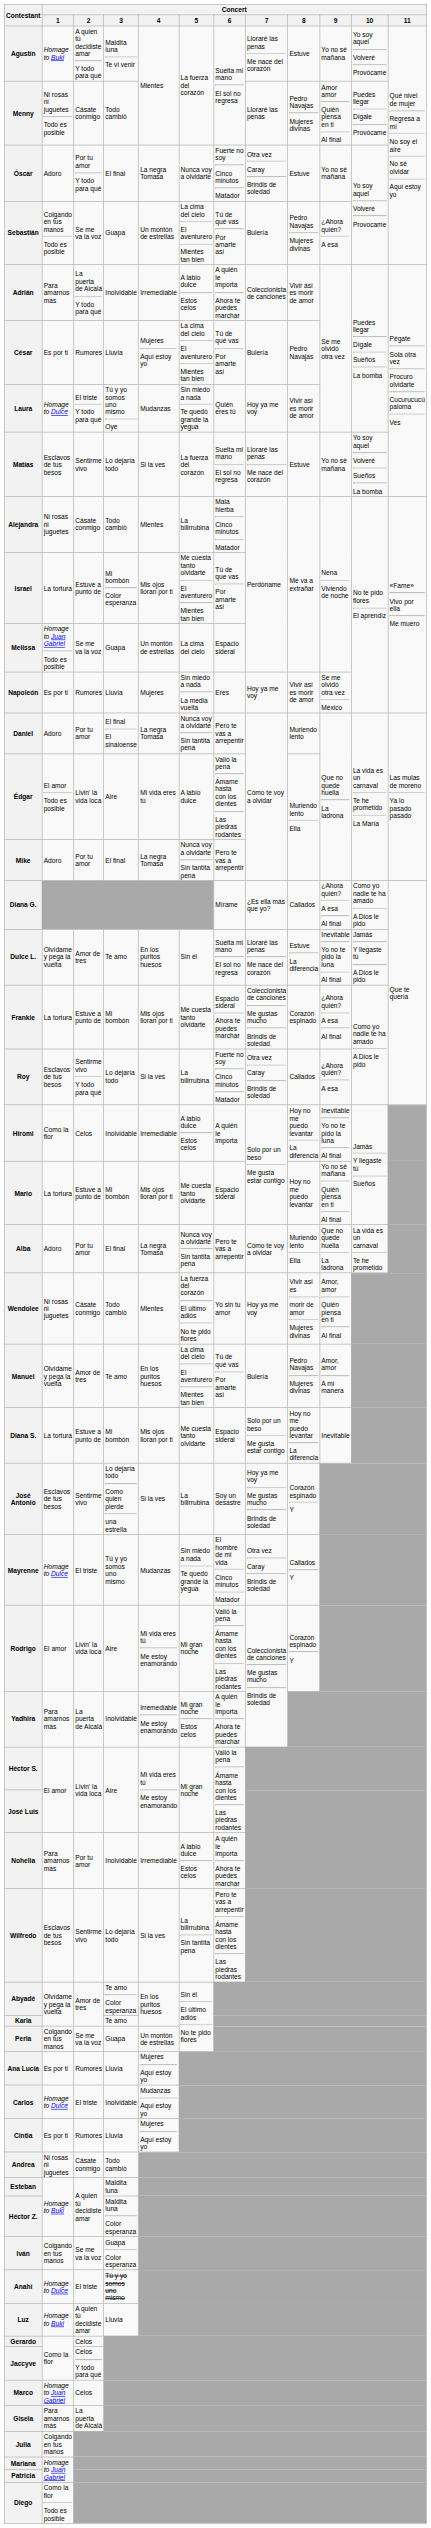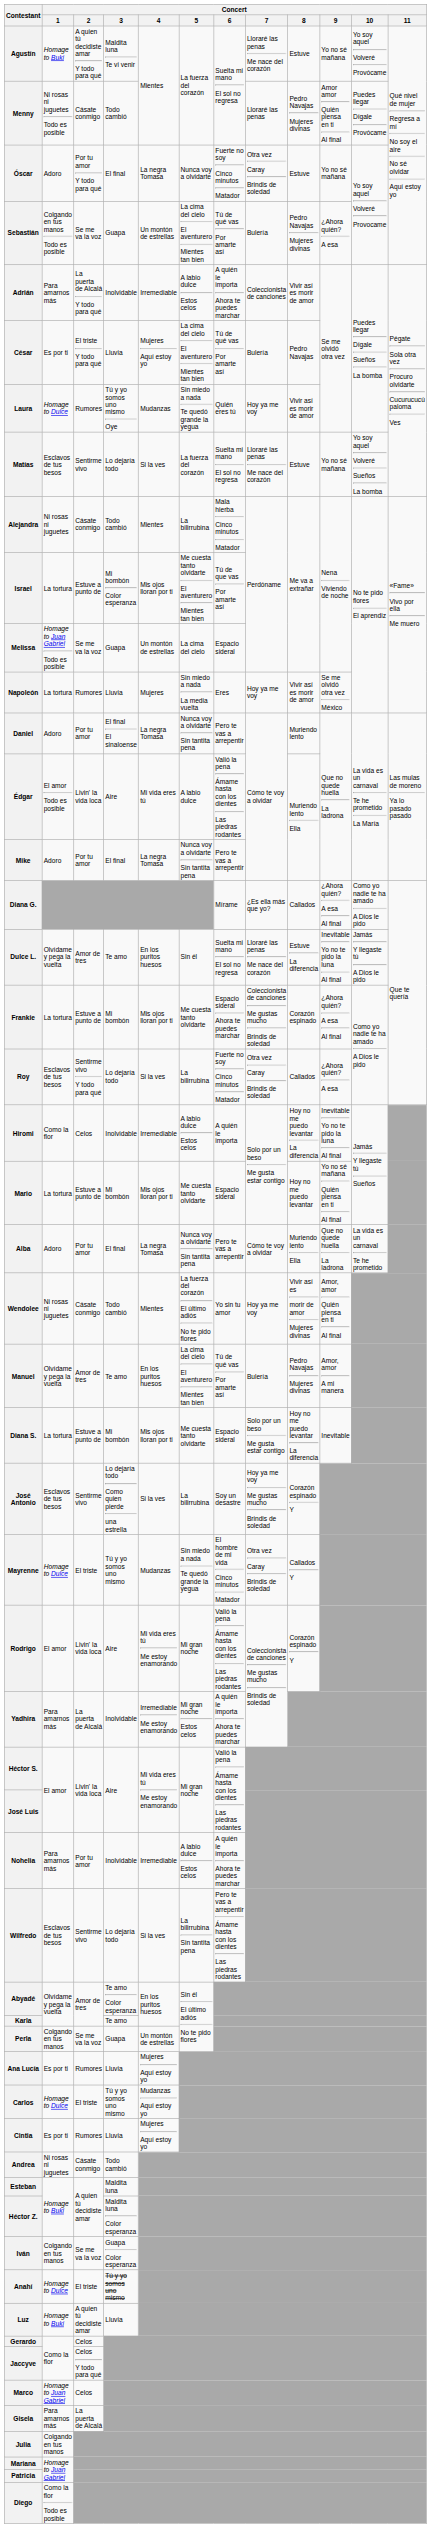 <table class="wikitable sortable" style="font-size:8pt; line-height:normal;">
 <tr>
 <th scope="col" rowspan="2">Contestant</th>
 <th scope="col" colspan="100%">Concert</th>
 </tr>
 <tr>
 <th class="unsortable" scope="col">1</th>
 <th class="unsortable" scope="col">2</th>
 <th class="unsortable" scope="col">3</th>
 <th class="unsortable" scope="col">4</th>
 <th class="unsortable" scope="col">5</th>
 <th class="unsortable" scope="col">6</th>
 <th class="unsortable" scope="col">7</th>
 <th class="unsortable" scope="col">8</th>
 <th class="unsortable" scope="col">9</th>
 <th class="unsortable" scope="col">10</th>
 <th class="unsortable" scope="col">11</th>
 </tr>
 <tr>
 <th scope="row">Agustín</th>
 <td style="font-style:italic;">Homage to <a href='#'>Buki</a></td>
 <td>A quien tú decidiste amar<hr>Y todo para qué</td>
 <td>Maldita luna<hr>Te vi venir</td>
 <td rowspan="2">Mientes</td>
 <td rowspan="2">La fuerza del corazón</td>
 <td rowspan="2">Suelta mi mano<hr>El sol no regresa</td>
 <td>Lloraré las penas<hr>Me nace del corazón</td>
 <td>Estuve</td>
 <td>Yo no sé mañana</td>
 <td>Yo soy aquel<hr>Volveré<hr>Provócame</td>
 <td rowspan="4">Qué nivel de mujer<hr>Regresa a mí<hr>No soy el aire<hr>No sé olvidar<hr>Aquí estoy yo</td>
 </tr>
 <tr>
 <th scope="row">Menny</th>
 <td>Ni rosas ni juguetes<hr>Todo es posible</td>
 <td>Cásate conmigo</td>
 <td>Todo cambió<br>    </td>
 <td>Lloraré las penas</td>
 <td>Pedro Navajas<hr>Mujeres divinas</td>
 <td>Amor amor<hr>Quién piensa en ti<hr>Al final</td>
 <td>Puedes llegar<hr>Dígale<hr>Provócame<br></td>
 </tr>
 <tr>
 <th scope="row">Óscar</th>
 <td>Adoro</td>
 <td>Por tu amor<hr>Y todo para qué</td>
 <td>El final</td>
 <td>La negra Tomasa</td>
 <td>Nunca voy a olvidarte</td>
 <td>Fuerte no soy<hr>Cinco minutos<hr>Matador</td>
 <td>Otra vez<hr>Caray<hr>Brindis de soledad</td>
 <td>Estuve</td>
 <td>Yo no sé mañana</td>
 <td rowspan="2">Yo soy aquel<hr>Volveré<hr>Provocame<br></td>
 </tr>
 <tr>
 <th scope="row">Sebastián</th>
 <td>Colgando en tus manos<hr>Todo es posible</td>
 <td>Se me va la voz</td>
 <td>Guapa</td>
 <td>Un montón de estrellas</td>
 <td>La cima del cielo<hr>El aventurero<hr>Mientes tan bien</td>
 <td>Tú de qué vas<hr>Por amarte así</td>
 <td>Bulería</td>
 <td>Pedro Navajas<hr>Mujeres divinas</td>
 <td>¿Ahora quién?<hr>A esa<br> </td>
 </tr>
 <tr>
 <th scope="row">Adrián</th>
 <td>Para amarnos más</td>
 <td>La puerta de Alcalá<hr>Y todo para qué</td>
 <td>Inolvidable</td>
 <td>Irremediable</td>
 <td>A labio dulce<hr>Estos celos</td>
 <td>A quién le importa<hr>Ahora te puedes marchar</td>
 <td>Coleccionista de canciones</td>
 <td>Vivir así es morir de amor</td>
 <td rowspan="3">Se me olvidó otra vez</td>
 <td rowspan="3">Puedes llegar<hr>Dígale<hr>Sueños<hr>La bomba</td>
 <td rowspan="4">Pégate<hr>Sola otra vez<hr>Procuro olvidarte<hr>Cucurucucú paloma<hr>Ves</td>
 </tr>
 <tr>
 <th scope="row">César</th>
 <td>Es por ti</td>
-<td>Rumores</td>
+<td>El triste<hr>Y todo para qué</td>
 <td>Lluvia</td>
 <td>Mujeres<hr>Aquí estoy yo</td>
 <td>La cima del cielo<hr>El aventurero<hr>Mientes tan bien</td>
 <td>Tú de qué vas<hr>Por amarte así</td>
 <td>Bulería</td>
 <td>Pedro Navajas<br>   </td>
 </tr>
 <tr>
 <th scope="row">Laura</th>
 <td style="font-style:italic;">Homage to <a href='#'>Dulce</a></td>
-<td>El triste<hr>Y todo para qué</td>
+<td>Rumores</td>
 <td>Tú y yo somos uno mismo<hr>Oye</td>
 <td>Mudanzas</td>
 <td>Sin miedo a nada<hr>Te quedó grande la yegua</td>
 <td>Quién eres tú</td>
 <td>Hoy ya me voy</td>
 <td>Vivir así es morir de amor<br>   </td>
 </tr>
 <tr>
 <th scope="row">Matías</th>
 <td>Esclavos de tus besos</td>
 <td>Sentirme vivo</td>
 <td>Lo dejaría todo</td>
 <td>Si la ves</td>
 <td>La fuerza del corazón</td>
 <td>Suelta mi mano<hr>El sol no regresa</td>
 <td>Lloraré las penas<hr>Me nace del corazón</td>
 <td>Estuve</td>
 <td>Yo no sé mañana</td>
 <td>Yo soy aquel<hr>Volveré<hr>Sueños<hr>La bomba<br></td>
 </tr>
 <tr>
 <th scope="row">Alejandra</th>
 <td>Ni rosas ni juguetes</td>
 <td>Cásate conmigo</td>
 <td>Todo cambió</td>
 <td>Mientes</td>
 <td>La bilirrubina</td>
 <td>Mala hierba<hr>Cinco minutos<hr>Matador</td>
 <td rowspan="3">Perdóname</td>
 <td rowspan="3">Me va a extrañar</td>
 <td rowspan="3">Nena<hr>Viviendo de noche</td>
 <td rowspan="4">No te pido flores<hr>El aprendiz</td>
 <td rowspan="4">«Fame»<hr>Vivo por ella<hr>Me muero</td>
 </tr>
 <tr>
 <th scope="row">Israel</th>
 <td>La tortura</td>
 <td>Estuve a punto de</td>
 <td>Mi bombón<hr>Color esperanza</td>
 <td>Mis ojos lloran por ti</td>
 <td>Me cuesta tanto olvidarte<hr>El aventurero<hr>Mientes tan bien</td>
 <td>Tú de que vas<hr>Por amarte así<br>        </td>
 </tr>
 <tr>
 <th scope="row">Melissa</th>
 <td><em>Homage to <a href='#'>Juan Gabriel</a></em><hr>Todo es posible</td>
 <td>Se me va la voz</td>
 <td>Guapa</td>
 <td>Un montón de estrellas</td>
 <td>La cima del cielo</td>
 <td>Espacio sideral<br>        </td>
 </tr>
 <tr>
 <th scope="row">Napoleón</th>
-<td>Es por ti</td>
+<td>La tortura</td>
 <td>Rumores</td>
 <td>Lluvia</td>
 <td>Mujeres</td>
 <td>Sin miedo a nada<hr>La media vuelta</td>
 <td>Eres</td>
 <td>Hoy ya me voy</td>
 <td>Vivir así es morir de amor</td>
 <td>Se me olvidó otra vez<hr>México<br>  </td>
 </tr>
 <tr>
 <th scope="row">Daniel</th>
 <td>Adoro</td>
 <td>Por tu amor</td>
 <td>El final<hr>El sinaloense</td>
 <td>La negra Tomasa</td>
 <td>Nunca voy a olvidarte<hr>Sin tantita pena</td>
 <td>Pero te vas a arrepentir</td>
 <td rowspan="3">Cómo te voy a olvidar</td>
 <td>Muriendo lento</td>
 <td rowspan="3">Que no quede huella<hr>La ladrona</td>
 <td rowspan="3">La vida es un carnaval<hr>Te he prometido<hr>La María</td>
 <td rowspan="3">Las mulas de moreno<hr>Ya lo pasado pasado</td>
 </tr>
 <tr>
 <th scope="row">Édgar</th>
 <td>El amor<hr>Todo es posible</td>
 <td>Livin' la vida loca</td>
 <td>Aire</td>
 <td>Mi vida eres tú</td>
 <td>A labio dulce</td>
 <td>Valió la pena<hr>Ámame hasta con los dientes<hr>Las piedras rodantes<br></td>
 <td rowspan="2">Muriendo lento<hr>Ella<br>   </td>
 </tr>
 <tr>
 <th scope="row">Mike</th>
 <td>Adoro</td>
 <td>Por tu amor</td>
 <td>El final</td>
 <td>La negra Tomasa</td>
 <td>Nunca voy a olvidarte<hr>Sin tantita pena</td>
 <td>Pero te vas a arrepentir<br>       </td>
 </tr>
 <tr>
 <th scope="row">Diana G.</th>
 <td colspan="5" style="background:darkgray; border:none;"></td>
 <td>Mírame</td>
 <td>¿Es ella más que yo?</td>
 <td>Callados</td>
 <td>¿Ahora quién?<hr>A esa<hr>Al final</td>
 <td>Como yo nadie te ha amado<hr>A Dios le pido</td>
 <td rowspan="4">Que te quería</td>
 </tr>
 <tr>
 <th scope="row">Dulce L.</th>
 <td>Olvídame y pega la vuelta</td>
 <td>Amor de tres</td>
 <td>Te amo</td>
 <td>En los puritos huesos</td>
 <td>Sin él</td>
 <td>Suelta mi mano<hr>El sol no regresa</td>
 <td>Lloraré las penas<hr>Me nace del corazón</td>
 <td>Estuve<hr>La diferencia</td>
 <td>Inevitable<hr>Yo no te pido la luna<hr>Al final</td>
 <td>Jamás<hr>Y llegaste tú<hr>A Dios le pido<br></td>
 </tr>
 <tr>
 <th scope="row">Frankie</th>
 <td>La tortura</td>
 <td>Estuve a punto de</td>
 <td>Mi bombón</td>
 <td>Mis ojos lloran por ti</td>
 <td>Me cuesta tanto olvidarte</td>
 <td>Espacio sideral<hr>Ahora te puedes marchar</td>
 <td>Coleccionista de canciones<hr>Me gustas mucho<hr>Brindis de soledad</td>
 <td>Corazón espinado</td>
 <td>¿Ahora quién?<hr>A esa<hr>Al final</td>
 <td rowspan="2">Como yo nadie te ha amado<hr>A Dios le pido<br></td>
 </tr>
 <tr>
 <th scope="row">Roy</th>
 <td>Esclavos de tus besos</td>
 <td>Sentirme vivo<hr>Y todo para qué</td>
 <td>Lo dejaría todo</td>
 <td>Si la ves</td>
 <td>La bilirrubina</td>
 <td>Fuerte no soy<hr>Cinco minutos<hr>Matador</td>
 <td>Otra vez<hr>Caray<hr>Brindis de soledad</td>
 <td>Callados</td>
 <td>¿Ahora quién?<hr>A esa<br> </td>
 </tr>
 <tr>
 <th scope="row">Hiromi</th>
 <td>Como la flor</td>
 <td>Celos</td>
 <td>Inolvidable</td>
 <td>Irremediable</td>
 <td>A labio dulce<hr>Estos celos</td>
 <td>A quién le importa</td>
 <td rowspan="2">Solo por un beso<hr>Me gusta estar contigo</td>
 <td>Hoy no me puedo levantar<hr>La diferencia</td>
 <td>Inevitable<hr>Yo no te pido la luna<hr>Al final</td>
 <td rowspan="2">Jamás<hr>Y llegaste tú<hr>Sueños</td>
 <td colspan="100%" style="background:darkgray; border:none;"></td>
 </tr>
 <tr>
 <th scope="row">Mario</th>
 <td>La tortura</td>
 <td>Estuve a punto de</td>
 <td>Mi bombón</td>
 <td>Mis ojos lloran por ti</td>
 <td>Me cuesta tanto olvidarte</td>
 <td>Espacio sideral<br></td>
 <td>Hoy no me puedo levantar</td>
 <td>Yo no sé mañana<hr>Quién piensa en ti<hr>Al final<br></td>
 <td colspan="100%" style="background:darkgray; border:none;"></td>
 </tr>
 <tr>
 <th scope="row">Alba</th>
 <td>Adoro</td>
 <td>Por tu amor</td>
 <td>El final</td>
 <td>La negra Tomasa</td>
 <td>Nunca voy a olvidarte<hr>Sin tantita pena</td>
 <td>Pero te vas a arrepentir</td>
 <td>Cómo te voy a olvidar</td>
 <td>Muriendo lento<hr>Ella</td>
 <td>Que no quede huella<hr>La ladrona</td>
 <td>La vida es un carnaval<hr>Te he prometido</td>
 <td colspan="100%" style="background:darkgray; border:none;"></td>
 </tr>
 <tr>
 <th scope="row">Wendolee</th>
 <td>Ni rosas ni juguetes</td>
 <td>Cásate conmigo</td>
 <td>Todo cambió</td>
 <td>Mientes</td>
 <td>La fuerza del corazón<hr>El último adiós<hr>No te pido flores</td>
 <td>Yo sin tu amor</td>
 <td>Hoy ya me voy</td>
 <td>Vivir así es<hr>morir de amor<hr>Mujeres divinas</td>
 <td>Amor, amor<hr>Quién piensa en ti<hr>Al final</td>
 <td colspan="100%" style="background:darkgray; border:none;"></td>
 </tr>
 <tr>
 <th scope="row">Manuel</th>
 <td>Olvídame y pega la vuelta</td>
 <td>Amor de tres</td>
 <td>Te amo</td>
 <td>En los puritos huesos</td>
 <td>La cima del cielo<hr>El aventurero<hr>Mientes tan bien</td>
 <td>Tú de qué vas<hr>Por amarte así</td>
 <td>Bulería</td>
 <td>Pedro Navajas<hr>Mujeres divinas</td>
 <td>Amor, amor<hr>A mi manera</td>
 <td colspan="100%" style="background:darkgray; border:none;"></td>
 </tr>
 <tr>
 <th scope="row">Diana S.</th>
 <td>La tortura</td>
 <td>Estuve a punto de</td>
 <td>Mi bombón</td>
 <td>Mis ojos lloran por ti</td>
 <td>Me cuesta tanto olvidarte</td>
 <td>Espacio sideral</td>
 <td>Solo por un beso<hr>Me gusta estar contigo</td>
 <td>Hoy no me puedo levantar<hr>La diferencia</td>
 <td>Inevitable</td>
 <td colspan="100%" style="background:darkgray; border:none;"></td>
 </tr>
 <tr>
 <th scope="row">José Antonio</th>
 <td>Esclavos de tus besos</td>
 <td>Sentirme vivo</td>
 <td>Lo dejaría todo<hr>Como quien pierde<hr>una estrella</td>
 <td>Si la ves</td>
 <td>La bilirrubina</td>
 <td>Soy un desastre</td>
 <td>Hoy ya me voy<hr>Me gustas mucho<hr>Brindis de soledad</td>
 <td>Corazón espinado<hr>Y</td>
 <td colspan="100%" style="background:darkgray; border:none;"></td>
 </tr>
 <tr>
 <th scope="row">Mayrenne</th>
 <td style="font-style:italic;">Homage to <a href='#'>Dulce</a></td>
 <td>El triste</td>
 <td>Tú y yo somos uno mismo</td>
 <td>Mudanzas</td>
 <td>Sin miedo a nada<hr>Te quedó grande la yegua</td>
 <td>El hombre de mi vida<hr>Cinco minutos<hr>Matador</td>
 <td>Otra vez<hr>Caray<hr>Brindis de soledad</td>
 <td>Callados<hr>Y</td>
 <td colspan="100%" style="background:darkgray; border:none;"></td>
 </tr>
 <tr>
 <th scope="row">Rodrigo</th>
 <td>El amor</td>
 <td>Livin' la vida loca</td>
 <td>Aire</td>
 <td>Mi vida eres tú<hr>Me estoy enamorando</td>
 <td>Mi gran noche</td>
 <td>Valió la pena<hr>Ámame hasta con los dientes<hr>Las piedras rodantes</td>
 <td rowspan="2">Coleccionista de canciones<hr>Me gustas mucho<hr>Brindis de soledad</td>
 <td>Corazón espinado<hr>Y</td>
 <td colspan="100%" style="background:darkgray; border:none;"></td>
 </tr>
 <tr>
 <th scope="row">Yadhira</th>
 <td>Para amarnos más</td>
 <td>La puerta de Alcalá</td>
 <td>Inolvidable</td>
 <td>Irremediable<hr>Me estoy enamorando</td>
 <td>Mi gran noche<hr>Estos celos</td>
 <td>A quién le importa<hr>Ahora te puedes marchar<br></td>
 <td colspan="100%" style="background:darkgray; border:none;"></td>
 </tr>
 <tr>
 <th scope="row">Héctor S.</th>
 <td rowspan="2">El amor</td>
 <td rowspan="2">Livin' la vida loca</td>
 <td rowspan="2">Aire</td>
 <td rowspan="2">Mi vida eres tú<hr>Me estoy enamorando</td>
 <td rowspan="2">Mi gran noche</td>
 <td rowspan="2">Valió la pena<hr>Ámame hasta con los dientes<hr>Las piedras rodantes</td>
 <td colspan="100%" style="background:darkgray; border:none;"></td>
 </tr>
 <tr>
 <th scope="row">José Luis<br>     </th>
 <td colspan="100%" style="background:darkgray; border:none;"></td>
 </tr>
 <tr>
 <th scope="row">Nohelia</th>
 <td>Para amarnos más</td>
 <td>Por tu amor</td>
 <td>Inolvidable</td>
 <td>Irremediable</td>
 <td>A labio dulce<hr>Estos celos</td>
 <td>A quién le importa<hr>Ahora te puedes marchar</td>
 <td colspan="100%" style="background:darkgray; border:none;"></td>
 </tr>
 <tr>
 <th scope="row">Wilfredo</th>
 <td>Esclavos de tus besos</td>
 <td>Sentirme vivo</td>
 <td>Lo dejaría todo</td>
 <td>Si la ves</td>
 <td>La bilirrubina<hr>Sin tantita pena</td>
 <td>Pero te vas a arrepentir<hr>Ámame hasta con los dientes<hr>Las piedras rodantes</td>
 <td colspan="100%" style="background:darkgray; border:none;"></td>
 </tr>
 <tr>
 <th scope="row">Abyadé</th>
 <td rowspan="2">Olvídame y pega la vuelta</td>
 <td rowspan="2">Amor de tres</td>
 <td>Te amo<hr>Color esperanza</td>
 <td rowspan="2">En los puritos huesos</td>
 <td rowspan="3">Sin él<hr>El último adiós<hr>No te pido flores</td>
 <td colspan="100%" style="background:darkgray; border:none;"></td>
 </tr>
 <tr>
 <th scope="row">Karla<br> </th>
 <td>Te amo<br>  </td>
 <td colspan="100%" style="background:darkgray; border:none;"></td>
 </tr>
 <tr>
 <th scope="row">Perla</th>
 <td>Colgando en tus manos</td>
 <td>Se me va la voz</td>
 <td>Guapa</td>
 <td>Un montón de estrellas<br></td>
 <td colspan="100%" style="background:darkgray; border:none;"></td>
 </tr>
 <tr>
 <th scope="row">Ana Lucía</th>
 <td>Es por ti</td>
 <td>Rumores</td>
 <td>Lluvia</td>
 <td>Mujeres<hr>Aquí estoy yo</td>
 <td colspan="100%" style="background:darkgray; border:none;"></td>
 </tr>
 <tr>
 <th scope="row">Carlos</th>
 <td style="font-style:italic;">Homage to <a href='#'>Dulce</a></td>
 <td>El triste</td>
-<td>Inolvidable</td>
+<td>Tú y yo somos uno mismo</td>
 <td>Mudanzas<hr>Aquí estoy yo</td>
 <td colspan="100%" style="background:darkgray; border:none;"></td>
 </tr>
 <tr>
 <th scope="row">Cintia</th>
 <td>Es por ti</td>
 <td>Rumores</td>
 <td>Lluvia</td>
 <td>Mujeres<hr>Aquí estoy yo</td>
 <td colspan="100%" style="background:darkgray; border:none;"></td>
 </tr>
 <tr>
 <th scope="row">Andrea</th>
 <td>Ni rosas ni juguetes</td>
 <td>Cásate conmigo</td>
 <td>Todo cambió</td>
 <td colspan="100%" style="background:darkgray; border:none;"></td>
 </tr>
 <tr>
 <th scope="row">Esteban</th>
 <td rowspan="2" style="font-style:italic;">Homage to <a href='#'>Buki</a></td>
 <td rowspan="2">A quien tú decidiste amar</td>
 <td>Maldita luna</td>
 <td colspan="100%" style="background:darkgray; border:none;"></td>
 </tr>
 <tr>
 <th scope="row">Héctor Z.<br>  </th>
 <td>Maldita luna<hr>Color esperanza</td>
 <td colspan="100%" style="background:darkgray; border:none;"></td>
 </tr>
 <tr>
 <th scope="row">Iván</th>
 <td>Colgando en tus manos</td>
 <td>Se me va la voz</td>
 <td>Guapa<hr>Color esperanza</td>
 <td colspan="100%" style="background:darkgray; border:none;"></td>
 </tr>
 <tr>
 <th scope="row">Anahí</th>
 <td style="font-style:italic;">Homage to <a href='#'>Dulce</a></td>
 <td>El triste</td>
 <td><s>Tú y yo somos uno mismo</s></td>
 <td colspan="100%" style="background:darkgray; border:none;"></td>
 </tr>
 <tr>
 <th scope="row">Luz</th>
 <td style="font-style:italic;">Homage to <a href='#'>Buki</a></td>
 <td>A quien tú decidiste amar</td>
 <td>Lluvia</td>
 <td colspan="100%" style="background:darkgray; border:none;"></td>
 </tr>
 <tr>
 <th scope="row">Gerardo</th>
 <td rowspan="2">Como la flor</td>
 <td>Celos</td>
 <td colspan="100%" style="background:darkgray; border:none;"></td>
 </tr>
 <tr>
 <th scope="row">Jaccyve<br></th>
 <td>Celos<hr>Y todo para qué</td>
 <td colspan="100%" style="background:darkgray; border:none;"></td>
 </tr>
 <tr>
 <th scope="row">Marco</th>
 <td style="font-style:italic;">Homage to <a href='#'>Juan Gabriel</a></td>
 <td>Celos</td>
 <td colspan="100%" style="background:darkgray; border:none;"></td>
 </tr>
 <tr>
 <th scope="row">Gisela</th>
 <td>Para amarnos más</td>
 <td>La puerta de Alcalá</td>
 <td colspan="100%" style="background:darkgray; border:none;"></td>
 </tr>
 <tr>
 <th scope="row">Julia</th>
 <td>Colgando en tus manos</td>
 <td colspan="100%" style="background:darkgray; border:none;"></td>
 </tr>
 <tr>
 <th scope="row">Mariana</th>
 <td rowspan="2" style="font-style:italic;">Homage to <a href='#'>Juan Gabriel</a></td>
 <td colspan="100%" style="background:darkgray; border:none;"></td>
 </tr>
 <tr>
 <th scope="row">Patricia<br></th>
 <td colspan="100%" style="background:darkgray; border:none;"></td>
 </tr>
 <tr>
 <th scope="row">Diego</th>
 <td>Como la flor<hr>Todo es posible</td>
 <td colspan="100%" style="background:darkgray; border:none;"></td>
 </tr>
 </table>
